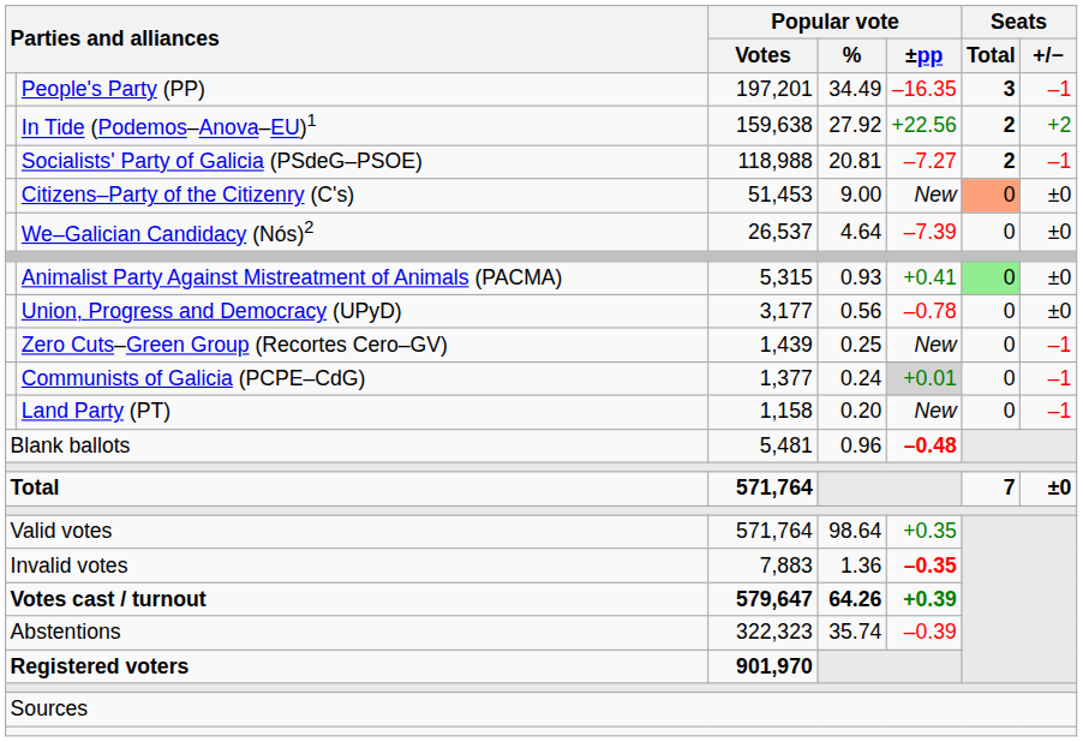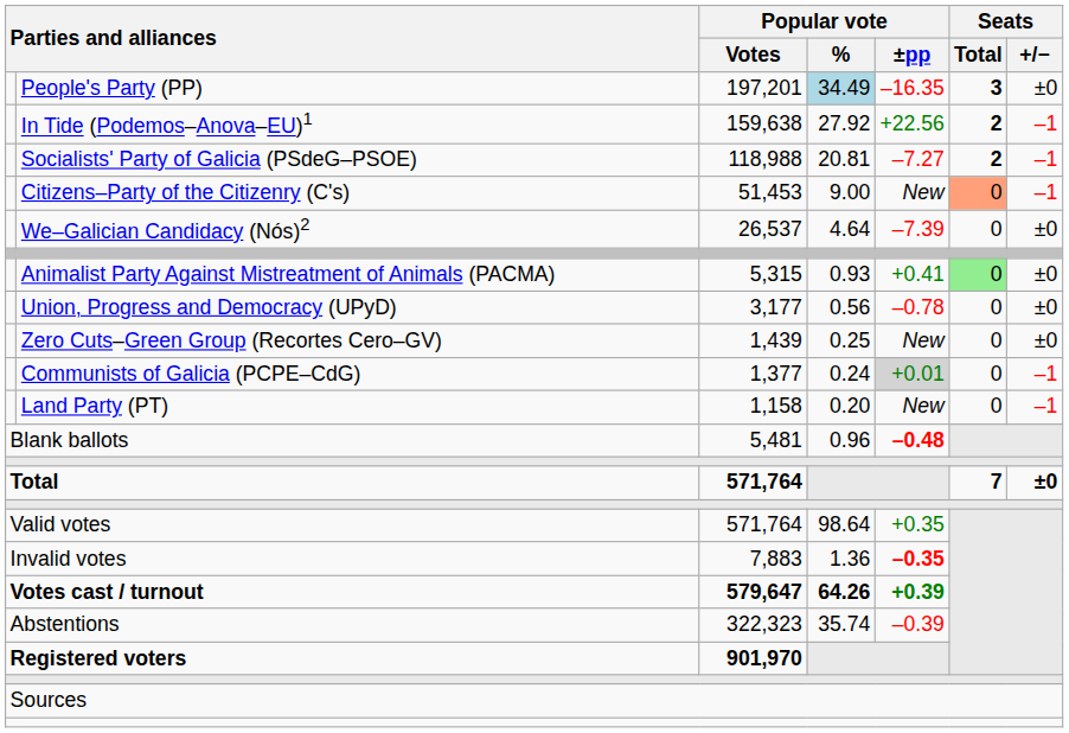 <table class="wikitable" style="text-align:right;">
 <tr>
 <th style="text-align:left;" rowspan="2" colspan="2" width="525">Parties and alliances</th>
 <th colspan="3">Popular vote</th>
 <th colspan="2">Seats</th>
 </tr>
 <tr>
 <th width="75">Votes</th>
 <th width="45">%</th>
 <th width="45">±<a href='#'>pp</a></th>
 <th width="35">Total</th>
 <th width="35">+/−</th>
 </tr>
 <tr>
 <td width="1" style="color:inherit;background:"></td>
 <td align="left"><a href='#'>People's Party</a> (PP)</td>
 <td>197,201</td>
-<td>34.49</td>
+<td style="background: lightblue;">34.49</td>
 <td style="color:red;">–16.35</td>
 <td><strong>3</strong></td>
-<td style="color:red;">–1</td>
+<td>±0</td>
 </tr>
 <tr>
 <td style="color:inherit;background:"></td>
 <td align="left"><a href='#'>In Tide</a> (<a href='#'>Podemos</a>–<a href='#'>Anova</a>–<a href='#'>EU</a>)<sup>1</sup></td>
 <td>159,638</td>
 <td>27.92</td>
 <td style="color:green;">+22.56</td>
 <td><strong>2</strong></td>
-<td style="color:green;">+2</td>
+<td style="color:red;">–1</td>
 </tr>
 <tr>
 <td style="color:inherit;background:"></td>
 <td align="left"><a href='#'>Socialists' Party of Galicia</a> (PSdeG–PSOE)</td>
 <td>118,988</td>
 <td>20.81</td>
 <td style="color:red;">–7.27</td>
 <td><strong>2</strong></td>
 <td style="color:red;">–1</td>
 </tr>
 <tr>
 <td style="color:inherit;background:"></td>
 <td align="left"><a href='#'>Citizens–Party of the Citizenry</a> (C's)</td>
 <td>51,453</td>
 <td>9.00</td>
 <td><em>New</em></td>
 <td style="background: lightsalmon;">0</td>
-<td>±0</td>
+<td style="color:red;">–1</td>
 </tr>
 <tr>
 <td style="color:inherit;background:"></td>
 <td align="left"><a href='#'>We–Galician Candidacy</a> (Nós)<sup>2</sup></td>
 <td>26,537</td>
 <td>4.64</td>
 <td style="color:red;">–7.39</td>
 <td>0</td>
 <td>±0</td>
 </tr>
 <tr>
 <td colspan="7" bgcolor="#C0C0C0"></td>
 </tr>
 <tr>
 <td style="color:inherit;background:"></td>
 <td align="left"><a href='#'>Animalist Party Against Mistreatment of Animals</a> (PACMA)</td>
 <td>5,315</td>
 <td>0.93</td>
 <td style="color:green;">+0.41</td>
 <td style="background: lightgreen;">0</td>
 <td>±0</td>
 </tr>
 <tr>
 <td style="color:inherit;background:"></td>
 <td align="left"><a href='#'>Union, Progress and Democracy</a> (UPyD)</td>
 <td>3,177</td>
 <td>0.56</td>
 <td style="color:red;">–0.78</td>
 <td>0</td>
 <td>±0</td>
 </tr>
 <tr>
 <td style="color:inherit;background:"></td>
 <td align="left"><a href='#'>Zero Cuts</a>–<a href='#'>Green Group</a> (Recortes Cero–GV)</td>
 <td>1,439</td>
 <td>0.25</td>
 <td><em>New</em></td>
 <td>0</td>
-<td style="color:red;">–1</td>
+<td>±0</td>
 </tr>
 <tr>
 <td style="color:inherit;background:"></td>
 <td align="left"><a href='#'>Communists of Galicia</a> (PCPE–CdG)</td>
 <td>1,377</td>
 <td>0.24</td>
 <td style="background: lightgrey; color:green;">+0.01</td>
 <td>0</td>
 <td style="color:red;">–1</td>
 </tr>
 <tr>
 <td style="color:inherit;background:"></td>
 <td align="left"><a href='#'>Land Party</a> (PT)</td>
 <td>1,158</td>
 <td>0.20</td>
 <td><em>New</em></td>
 <td>0</td>
 <td style="color:red;">–1</td>
 </tr>
 <tr>
 <td align="left" colspan="2">Blank ballots</td>
 <td>5,481</td>
 <td>0.96</td>
 <td style="color:red;"><strong>–0.48</strong></td>
 <td bgcolor="#E9E9E9" colspan="2"></td>
 </tr>
 <tr>
 <td colspan="7" bgcolor="#E9E9E9"></td>
 </tr>
 <tr style="font-weight:bold;">
 <td align="left" colspan="2">Total</td>
 <td>571,764</td>
 <td bgcolor="#E9E9E9" colspan="2"></td>
 <td>7</td>
 <td>±0</td>
 </tr>
 <tr>
 <td colspan="7" bgcolor="#E9E9E9"></td>
 </tr>
 <tr>
 <td align="left" colspan="2">Valid votes</td>
 <td>571,764</td>
 <td>98.64</td>
 <td style="color:green;">+0.35</td>
 <td bgcolor="#E9E9E9" colspan="2" rowspan="5"></td>
 </tr>
 <tr>
 <td align="left" colspan="2">Invalid votes</td>
 <td>7,883</td>
 <td>1.36</td>
 <td style="color:red;"><strong>–0.35</strong></td>
 </tr>
 <tr style="font-weight:bold;">
 <td align="left" colspan="2">Votes cast / turnout</td>
 <td>579,647</td>
 <td>64.26</td>
 <td style="color:green;">+0.39</td>
 </tr>
 <tr>
 <td align="left" colspan="2">Abstentions</td>
 <td>322,323</td>
 <td>35.74</td>
 <td style="color:red;">–0.39</td>
 </tr>
 <tr style="font-weight:bold;">
 <td align="left" colspan="2">Registered voters</td>
 <td>901,970</td>
 <td bgcolor="#E9E9E9" colspan="2"></td>
 </tr>
 <tr>
 <td colspan="7" bgcolor="#E9E9E9"></td>
 </tr>
 <tr>
 <td align="left" colspan="7">Sources</td>
 </tr>
 <tr>
 <td colspan="7" style="text-align:left; max-width:790px;"></td>
 </tr>
 </table>
